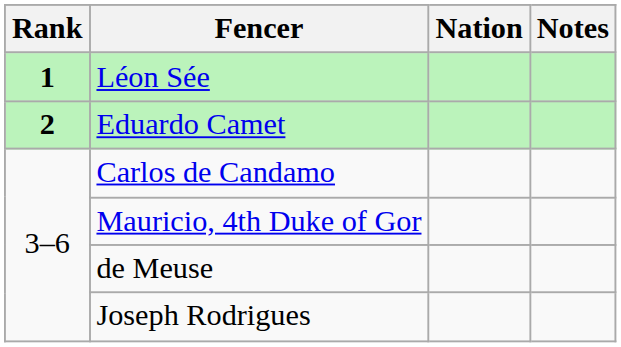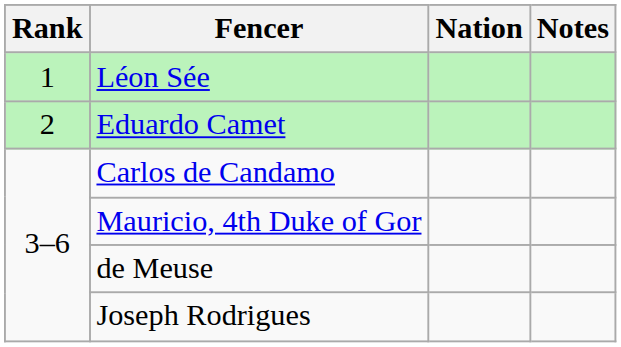 <table class="wikitable sortable" style="text-align:center">
 <tr>
 <th>Rank</th>
 <th>Fencer</th>
 <th>Nation</th>
 <th>Notes</th>
 </tr>
 <tr bgcolor=bbf3bb>
-<td><strong>1</strong></td>
+<td>1</td>
 <td align=left><a href='#'>Léon Sée</a></td>
 <td align=left></td>
 <td></td>
 </tr>
 <tr bgcolor=bbf3bb>
-<td><strong>2</strong></td>
+<td>2</td>
 <td align=left><a href='#'>Eduardo Camet</a></td>
 <td align=left></td>
 <td></td>
 </tr>
 <tr>
 <td rowspan=4 align=center>3–6</td>
 <td align=left><a href='#'>Carlos de Candamo</a></td>
 <td align=left></td>
 <td></td>
 </tr>
 <tr>
 <td align=left><a href='#'>Mauricio, 4th Duke of Gor</a></td>
 <td align=left></td>
 <td></td>
 </tr>
 <tr>
 <td align=left>de Meuse</td>
 <td align=left></td>
 <td></td>
 </tr>
 <tr>
 <td align=left>Joseph Rodrigues</td>
 <td align=left></td>
 <td></td>
 </tr>
 </table>
